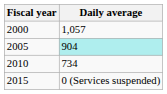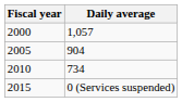 <table class="wikitable">
 <tr>
 <th>Fiscal year</th>
 <th>Daily average</th>
 </tr>
 <tr>
 <td>2000</td>
 <td>1,057</td>
 </tr>
 <tr>
 <td>2005</td>
-<td style="background: paleturquoise;">904</td>
+<td>904</td>
 </tr>
 <tr>
 <td>2010</td>
 <td>734</td>
 </tr>
 <tr>
 <td>2015</td>
 <td>0 (Services suspended)</td>
 </tr>
 </table>
